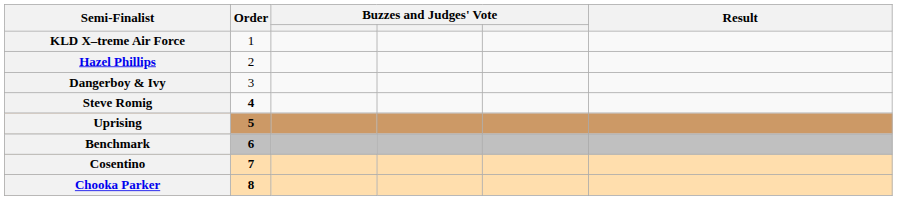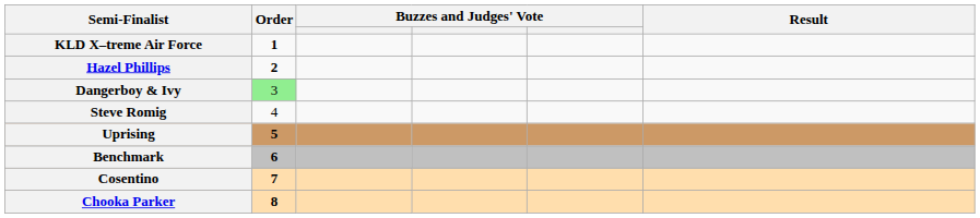 <table class="wikitable plainrowheaders sortable" style="text-align:center;">
 <tr>
 <th scope="col" rowspan=2 class="unsortable" style="width:17em;">Semi-Finalist</th>
 <th scope="col" rowspan=2 style="width:1em;">Order</th>
 <th scope="col" colspan=3 class="unsortable" style="width:24em;">Buzzes and Judges' Vote</th>
 <th scope="col" rowspan=2 style="width:23em;">Result</th>
 </tr>
 <tr>
 <th scope="col" class="unsortable" style="width:6em;"></th>
 <th scope="col" class="unsortable" style="width:6em;"></th>
 <th scope="col" class="unsortable" style="width:6em;"></th>
 </tr>
 <tr>
 <th scope="row">KLD X–treme Air Force</th>
-<td>1</td>
+<td><strong>1</strong></td>
 <td style="text-align:center;"></td>
 <td style="text-align:center;"></td>
 <td style="text-align:center;"></td>
 <td></td>
 </tr>
 <tr>
 <th scope="row"><a href='#'>Hazel Phillips</a></th>
-<td>2</td>
+<td><strong>2</strong></td>
 <td style="text-align:center;"></td>
 <td style="text-align:center;"></td>
 <td style="text-align:center;"></td>
 <td></td>
 </tr>
 <tr>
 <th scope="row">Dangerboy & Ivy</th>
-<td>3</td>
+<td style="background: lightgreen;">3</td>
 <td style="text-align:center;"></td>
 <td style="text-align:center;"></td>
 <td style="text-align:center;"></td>
 <td></td>
 </tr>
 <tr>
 <th scope="row">Steve Romig</th>
-<td><strong>4</strong></td>
+<td>4</td>
 <td style="text-align:center;"></td>
 <td style="text-align:center;"></td>
 <td style="text-align:center;"></td>
 <td></td>
 </tr>
 <tr bgcolor=#c96>
 <th scope="row"><strong>Uprising</strong></th>
 <td><strong>5</strong></td>
 <td style="text-align:center;"></td>
 <td style="text-align:center;"></td>
 <td style="text-align:center;"></td>
 <td><strong></strong></td>
 </tr>
 <tr bgcolor=silver>
 <th scope="row"><strong>Benchmark</strong></th>
 <td><strong>6</strong></td>
 <td style="text-align:center;"></td>
 <td style="text-align:center;"></td>
 <td style="text-align:center;"></td>
 <td><strong></strong></td>
 </tr>
 <tr bgcolor=navajowhite>
 <th scope="row"><strong>Cosentino</strong></th>
 <td><strong>7</strong></td>
 <td style="text-align:center;"></td>
 <td style="text-align:center;"></td>
 <td style="text-align:center;"></td>
 <td><strong></strong></td>
 </tr>
 <tr bgcolor=navajowhite>
 <th scope="row"><strong><a href='#'>Chooka Parker</a></strong></th>
 <td><strong>8</strong></td>
 <td style="text-align:center;"></td>
 <td style="text-align:center;"></td>
 <td style="text-align:center;"></td>
 <td><strong></strong></td>
 </tr>
 </table>
